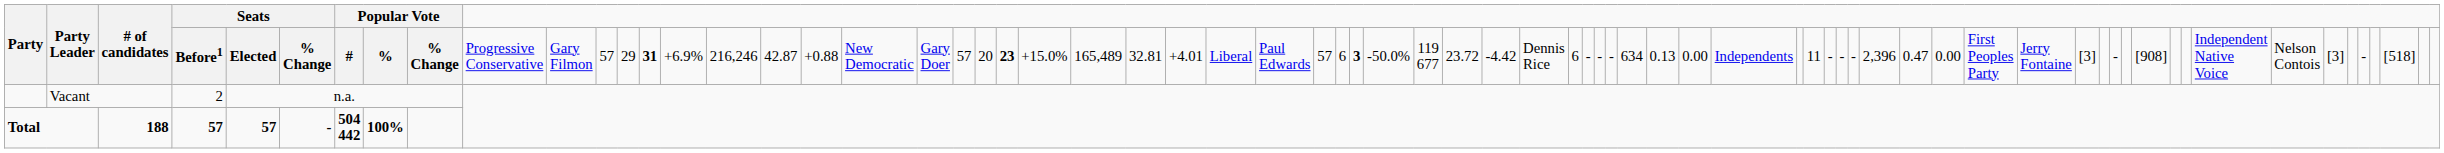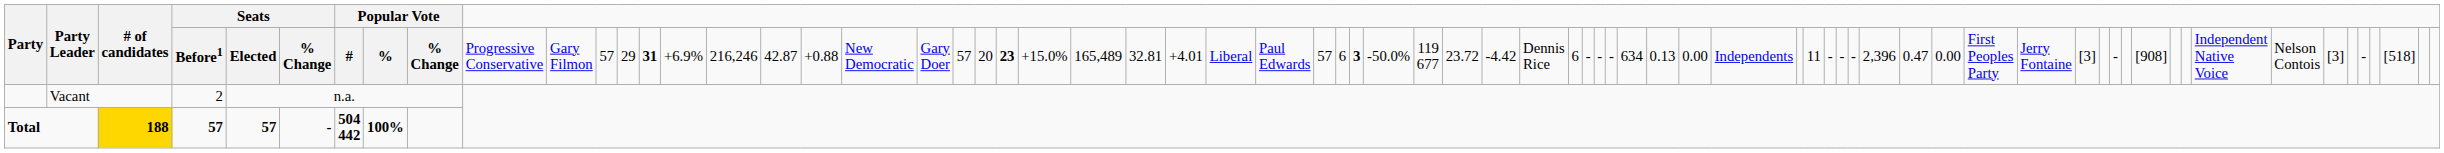 <table class="wikitable">
 <tr>
 <th rowspan="2" colspan="2">Party</th>
 <th rowspan="2">Party Leader</th>
 <th rowspan="2"># of<br>candidates</th>
 <th colspan="3">Seats</th>
 <th colspan="3">Popular Vote</th>
 </tr>
 <tr>
 <th>Before<sup>1</sup></th>
 <th>Elected</th>
 <th>% Change</th>
 <th>#</th>
 <th>%</th>
 <th>% Change<br></th>
 <td><a href='#'>Progressive Conservative</a></td>
 <td><a href='#'>Gary Filmon</a></td>
 <td align="right">57</td>
 <td align="right">29</td>
 <td align="right"><strong>31</strong></td>
 <td align="right">+6.9%</td>
 <td align="right">216,246</td>
 <td align="right">42.87</td>
 <td align="right">+0.88<br></td>
 <td><a href='#'>New Democratic</a></td>
 <td><a href='#'>Gary Doer</a></td>
 <td align="right">57</td>
 <td align="right">20</td>
 <td align="right"><strong>23</strong></td>
 <td align="right">+15.0%</td>
 <td align="right">165,489</td>
 <td align="right">32.81</td>
 <td align="right">+4.01<br></td>
 <td><a href='#'>Liberal</a></td>
 <td><a href='#'>Paul Edwards</a></td>
 <td align="right">57</td>
 <td align="right">6</td>
 <td align="right"><strong>3</strong></td>
 <td align="right">-50.0%</td>
 <td align="right">119 677</td>
 <td align="right">23.72</td>
 <td align="right">-4.42<br></td>
 <td>Dennis Rice</td>
 <td align="right">6</td>
 <td align="right">-</td>
 <td align="right">-</td>
 <td align="right">-</td>
 <td align="right">634</td>
 <td align="right">0.13</td>
 <td align="right">0.00<br></td>
 <td><a href='#'>Independents</a></td>
 <td></td>
 <td align="right">11</td>
 <td align="right">-</td>
 <td align="right">-</td>
 <td align="right">-</td>
 <td align="right">2,396</td>
 <td align="right">0.47</td>
 <td align="right">0.00<br></td>
 <td><a href='#'>First Peoples Party</a></td>
 <td><a href='#'>Jerry Fontaine</a></td>
 <td align="right">[3]</td>
 <td align="right"> </td>
 <td align="right">-</td>
 <td align="right"> </td>
 <td align="right">[908]</td>
 <td align="right"> </td>
 <td align="right"> <br></td>
 <td><a href='#'>Independent Native Voice</a></td>
 <td>Nelson Contois</td>
 <td align="right">[3]</td>
 <td align="right"> </td>
 <td align="right">-</td>
 <td align="right"> </td>
 <td align="right">[518]</td>
 <td align="right"> </td>
 <td align="right"> </td>
 </tr>
 <tr>
 <td> </td>
 <td colspan="3">Vacant</td>
 <td align="right">2</td>
 <td colspan="5" align="center">n.a.</td>
 </tr>
 <tr>
 <td colspan="3"><strong>Total</strong></td>
-<td align="right"><strong>188</strong></td>
+<td align="right" style="background: gold;"><strong>188</strong></td>
 <td align="right"><strong>57</strong></td>
 <td align="right"><strong>57</strong></td>
 <td align="right"><strong>-</strong></td>
 <td align="right"><strong>504 442</strong></td>
 <td align="right"><strong>100%</strong></td>
 <td align="right"> </td>
 </tr>
 </table>
